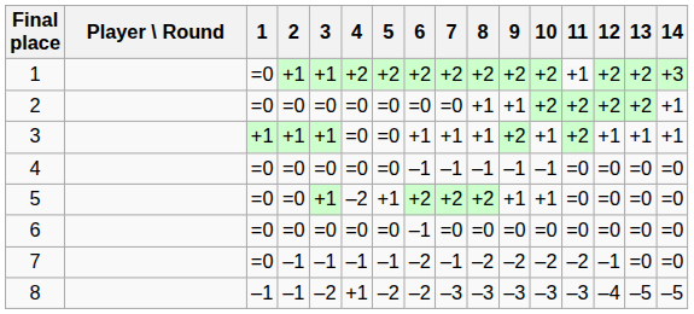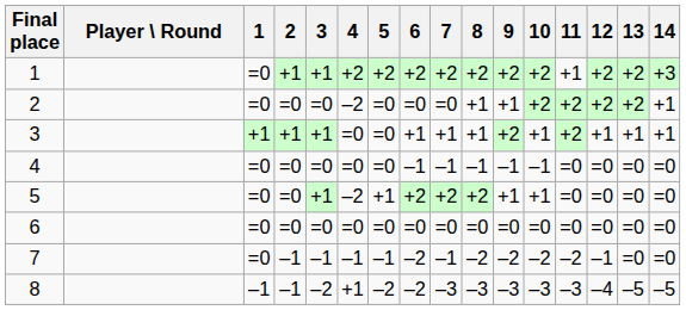 <table class="wikitable" style="font-size:100%; text-align:center; white-space: nowrap;">
 <tr>
 <th>Final<br>place</th>
 <th style="width:140px;">Player \ Round</th>
 <th>1</th>
 <th>2</th>
 <th>3</th>
 <th>4</th>
 <th>5</th>
 <th>6</th>
 <th>7</th>
 <th>8</th>
 <th>9</th>
 <th>10</th>
 <th>11</th>
 <th>12</th>
 <th>13</th>
 <th>14</th>
 </tr>
 <tr>
 <td>1</td>
 <td align=left></td>
 <td>=0</td>
 <td bgcolor=#ccffcc>+1</td>
 <td bgcolor=#ccffcc>+1</td>
 <td bgcolor=#ccffcc>+2</td>
 <td bgcolor=#ccffcc>+2</td>
 <td bgcolor=#ccffcc>+2</td>
 <td bgcolor=#ccffcc>+2</td>
 <td bgcolor=#ccffcc>+2</td>
 <td bgcolor=#ccffcc>+2</td>
 <td bgcolor=#ccffcc>+2</td>
 <td>+1</td>
 <td bgcolor=#ccffcc>+2</td>
 <td bgcolor=#ccffcc>+2</td>
 <td bgcolor=#ccffcc>+3</td>
 </tr>
 <tr>
 <td>2</td>
 <td align=left></td>
 <td>=0</td>
 <td>=0</td>
 <td>=0</td>
-<td>=0</td>
+<td>–2</td>
 <td>=0</td>
 <td>=0</td>
 <td>=0</td>
 <td>+1</td>
 <td>+1</td>
 <td bgcolor=#ccffcc>+2</td>
 <td bgcolor=#ccffcc>+2</td>
 <td bgcolor=#ccffcc>+2</td>
 <td bgcolor=#ccffcc>+2</td>
 <td>+1</td>
 </tr>
 <tr>
 <td>3</td>
 <td align=left></td>
 <td bgcolor=#ccffcc>+1</td>
 <td bgcolor=#ccffcc>+1</td>
 <td bgcolor=#ccffcc>+1</td>
 <td>=0</td>
 <td>=0</td>
 <td>+1</td>
 <td>+1</td>
 <td>+1</td>
 <td bgcolor=#ccffcc>+2</td>
 <td>+1</td>
 <td bgcolor=#ccffcc>+2</td>
 <td>+1</td>
 <td>+1</td>
 <td>+1</td>
 </tr>
 <tr>
 <td>4</td>
 <td align=left></td>
 <td>=0</td>
 <td>=0</td>
 <td>=0</td>
 <td>=0</td>
 <td>=0</td>
 <td>–1</td>
 <td>–1</td>
 <td>–1</td>
 <td>–1</td>
 <td>–1</td>
 <td>=0</td>
 <td>=0</td>
 <td>=0</td>
 <td>=0</td>
 </tr>
 <tr>
 <td>5</td>
 <td align=left></td>
 <td>=0</td>
 <td>=0</td>
 <td bgcolor=#ccffcc>+1</td>
 <td>–2</td>
 <td>+1</td>
 <td bgcolor=#ccffcc>+2</td>
 <td bgcolor=#ccffcc>+2</td>
 <td bgcolor=#ccffcc>+2</td>
 <td>+1</td>
 <td>+1</td>
 <td>=0</td>
 <td>=0</td>
 <td>=0</td>
 <td>=0</td>
 </tr>
 <tr>
 <td>6</td>
 <td align=left></td>
 <td>=0</td>
 <td>=0</td>
 <td>=0</td>
 <td>=0</td>
 <td>=0</td>
-<td>–1</td>
+<td>=0</td>
 <td>=0</td>
 <td>=0</td>
 <td>=0</td>
 <td>=0</td>
 <td>=0</td>
 <td>=0</td>
 <td>=0</td>
 <td>=0</td>
 </tr>
 <tr>
 <td>7</td>
 <td align=left></td>
 <td>=0</td>
 <td>–1</td>
 <td>–1</td>
 <td>–1</td>
 <td>–1</td>
 <td>–2</td>
 <td>–1</td>
 <td>–2</td>
 <td>–2</td>
 <td>–2</td>
 <td>–2</td>
 <td>–1</td>
 <td>=0</td>
 <td>=0</td>
 </tr>
 <tr>
 <td>8</td>
 <td align=left></td>
 <td>–1</td>
 <td>–1</td>
 <td>–2</td>
 <td>+1</td>
 <td>–2</td>
 <td>–2</td>
 <td>–3</td>
 <td>–3</td>
 <td>–3</td>
 <td>–3</td>
 <td>–3</td>
 <td>–4</td>
 <td>–5</td>
 <td>–5</td>
 </tr>
 </table>
